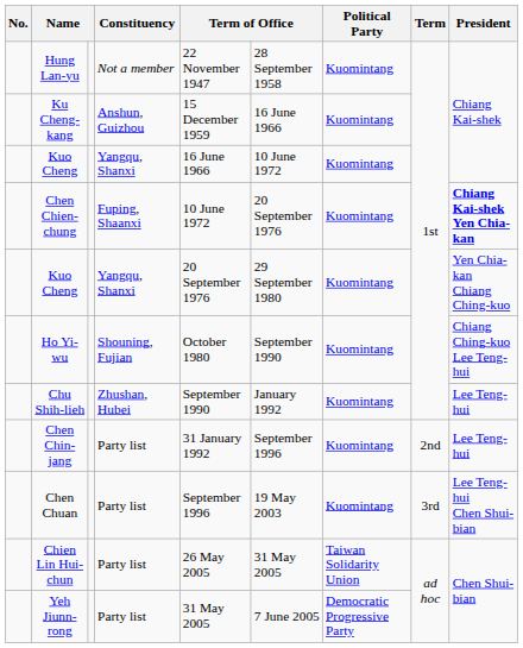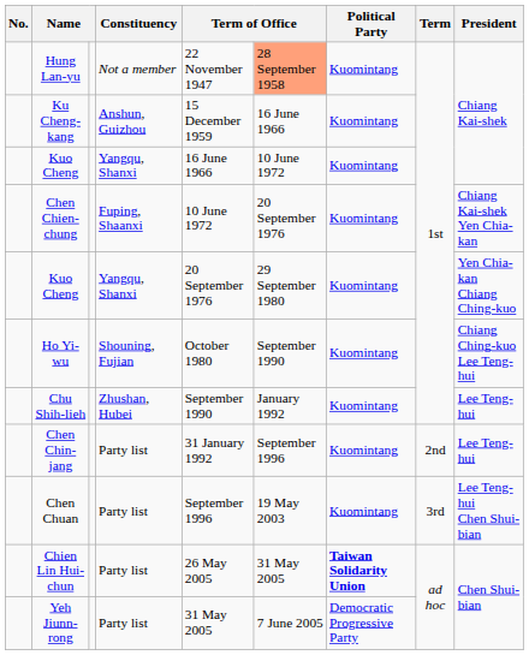 <table class=wikitable>
 <tr>
 <th>No.</th>
 <th colspan=2>Name</th>
 <th>Constituency</th>
 <th colspan=2>Term of Office</th>
 <th>Political Party</th>
 <th>Term</th>
 <th>President</th>
 </tr>
 <tr>
 <td bgcolor=><strong></strong></td>
 <td align=center><a href='#'>Hung Lan-yu</a></td>
 <td align=center></td>
 <td><em>Not a member</em></td>
 <td>22 November 1947</td>
-<td>28 September 1958</td>
+<td style="background: lightsalmon;">28 September 1958</td>
 <td><a href='#'>Kuomintang</a></td>
 <td rowspan=7 align=center>1st</td>
 <td rowspan=3><a href='#'>Chiang Kai-shek</a></td>
 </tr>
 <tr>
 <td bgcolor=><strong></strong></td>
 <td align=center><a href='#'>Ku Cheng-kang</a></td>
 <td align=center></td>
 <td><a href='#'>Anshun</a>, <a href='#'>Guizhou</a></td>
 <td>15 December 1959</td>
 <td>16 June 1966</td>
 <td><a href='#'>Kuomintang</a></td>
 </tr>
 <tr>
 <td bgcolor=><strong></strong></td>
 <td align=center><a href='#'>Kuo Cheng</a></td>
 <td align=center></td>
 <td><a href='#'>Yangqu</a>, <a href='#'>Shanxi</a></td>
 <td>16 June 1966</td>
 <td>10 June 1972</td>
 <td><a href='#'>Kuomintang</a></td>
 </tr>
 <tr>
 <td bgcolor=><strong></strong></td>
 <td align=center><a href='#'>Chen Chien-chung</a></td>
 <td align=center></td>
 <td><a href='#'>Fuping</a>, <a href='#'>Shaanxi</a></td>
 <td>10 June 1972</td>
 <td>20 September 1976</td>
 <td><a href='#'>Kuomintang</a></td>
-<td><strong><a href='#'>Chiang Kai-shek</a><br><a href='#'>Yen Chia-kan</a></strong></td>
+<td><a href='#'>Chiang Kai-shek</a><br><a href='#'>Yen Chia-kan</a></td>
 </tr>
 <tr>
 <td bgcolor=><strong></strong></td>
 <td align=center><a href='#'>Kuo Cheng</a></td>
 <td align=center></td>
 <td><a href='#'>Yangqu</a>, <a href='#'>Shanxi</a></td>
 <td>20 September 1976</td>
 <td>29 September 1980</td>
 <td><a href='#'>Kuomintang</a></td>
 <td><a href='#'>Yen Chia-kan</a><br><a href='#'>Chiang Ching-kuo</a></td>
 </tr>
 <tr>
 <td bgcolor=><strong></strong></td>
 <td align=center><a href='#'>Ho Yi-wu</a></td>
 <td align=center></td>
 <td><a href='#'>Shouning</a>, <a href='#'>Fujian</a></td>
 <td>October 1980</td>
 <td>September 1990</td>
 <td><a href='#'>Kuomintang</a></td>
 <td><a href='#'>Chiang Ching-kuo</a><br><a href='#'>Lee Teng-hui</a></td>
 </tr>
 <tr>
 <td bgcolor=><strong></strong></td>
 <td align=center><a href='#'>Chu Shih-lieh</a></td>
 <td align=center></td>
 <td><a href='#'>Zhushan</a>, <a href='#'>Hubei</a></td>
 <td>September 1990</td>
 <td>January 1992</td>
 <td><a href='#'>Kuomintang</a></td>
 <td><a href='#'>Lee Teng-hui</a></td>
 </tr>
 <tr>
 <td bgcolor=><strong></strong></td>
 <td align=center><a href='#'>Chen Chin-jang</a></td>
 <td align=center></td>
 <td>Party list</td>
 <td>31 January 1992</td>
 <td>September 1996</td>
 <td><a href='#'>Kuomintang</a></td>
 <td align=center>2nd</td>
 <td><a href='#'>Lee Teng-hui</a></td>
 </tr>
 <tr>
 <td bgcolor=><strong></strong></td>
 <td align=center>Chen Chuan</td>
 <td align=center></td>
 <td>Party list</td>
 <td>September 1996</td>
 <td>19 May 2003</td>
 <td><a href='#'>Kuomintang</a></td>
 <td align=center>3rd</td>
 <td><a href='#'>Lee Teng-hui</a><br><a href='#'>Chen Shui-bian</a></td>
 </tr>
 <tr>
 <td bgcolor=><strong></strong></td>
 <td align=center><a href='#'>Chien Lin Hui-chun</a></td>
 <td align=center></td>
 <td>Party list</td>
 <td>26 May 2005</td>
 <td>31 May 2005</td>
-<td><a href='#'>Taiwan Solidarity Union</a></td>
+<td><strong><a href='#'>Taiwan Solidarity Union</a></strong></td>
 <td rowspan=2 align=center><em>ad hoc</em></td>
 <td rowspan=2><a href='#'>Chen Shui-bian</a></td>
 </tr>
 <tr>
 <td bgcolor=></td>
 <td align=center><a href='#'>Yeh Jiunn-rong</a></td>
 <td align=center></td>
 <td>Party list</td>
 <td>31 May 2005</td>
 <td>7 June 2005</td>
 <td><a href='#'>Democratic Progressive Party</a></td>
 </tr>
 </table>
